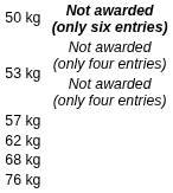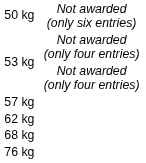 <table>
 <tr>
 <td rowspan=2>50 kg<br></td>
 <td rowspan=2></td>
 <td rowspan=2></td>
 <td></td>
 </tr>
 <tr>
-<td align=center><strong><em>Not awarded<br>(only six entries)</em></strong></td>
+<td align=center><em>Not awarded<br>(only six entries)</em></td>
 </tr>
 <tr>
 <td rowspan=2>53 kg<br></td>
 <td rowspan=2></td>
 <td rowspan=2></td>
 <td align=center><em>Not awarded<br>(only four entries)</em></td>
 </tr>
 <tr>
 <td align=center><em>Not awarded<br>(only four entries)</em></td>
 </tr>
 <tr>
 <td rowspan=2>57 kg<br></td>
 <td rowspan=2></td>
 <td rowspan=2></td>
 <td></td>
 </tr>
 <tr>
 <td></td>
 </tr>
 <tr>
 <td rowspan=2>62 kg<br></td>
 <td rowspan=2></td>
 <td rowspan=2></td>
 <td></td>
 </tr>
 <tr>
 <td></td>
 </tr>
 <tr>
 <td rowspan=2>68 kg<br></td>
 <td rowspan=2></td>
 <td rowspan=2></td>
 <td></td>
 </tr>
 <tr>
 <td></td>
 </tr>
 <tr>
 <td rowspan=2>76 kg<br></td>
 <td rowspan=2></td>
 <td rowspan=2></td>
 <td></td>
 </tr>
 <tr>
 <td></td>
 </tr>
 </table>
